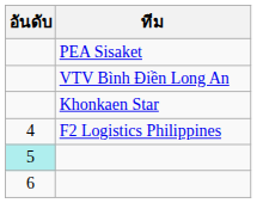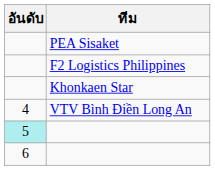 <table class="wikitable" style="text-align: center;">
 <tr>
 <th width=40>อันดับ</th>
 <th width=180>ทีม</th>
 </tr>
 <tr>
 <td></td>
 <td align="left"><a href='#'>PEA Sisaket</a></td>
 </tr>
 <tr>
 <td></td>
-<td align="left"> <a href='#'>VTV Bình Điền Long An</a></td>
+<td align="left"> <a href='#'>F2 Logistics Philippines</a></td>
 </tr>
 <tr>
 <td></td>
 <td align="left"><a href='#'>Khonkaen Star</a></td>
 </tr>
 <tr>
 <td>4</td>
-<td align="left"> <a href='#'>F2 Logistics Philippines</a></td>
+<td align="left"> <a href='#'>VTV Bình Điền Long An</a></td>
 </tr>
 <tr>
 <td style="background: paleturquoise;">5</td>
 <td align="left"></td>
 </tr>
 <tr>
 <td>6</td>
 <td align="left"></td>
 </tr>
 </table>
